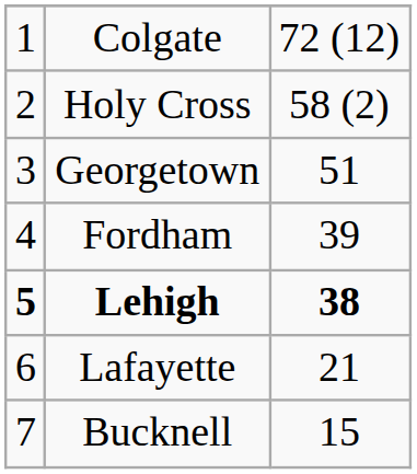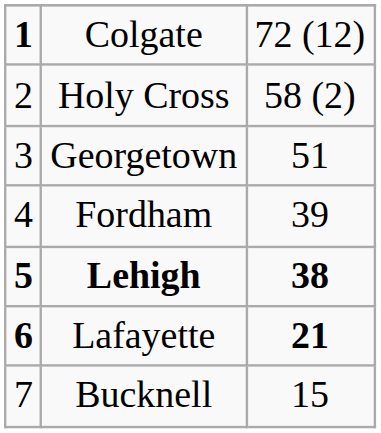 <table class="wikitable">
 <tr align="center">
 </tr>
 <tr align="center">
-<td>1</td>
+<td><strong>1</strong></td>
 <td>Colgate</td>
 <td>72 (12)</td>
 </tr>
 <tr align="center">
 <td>2</td>
 <td>Holy Cross</td>
 <td>58 (2)</td>
 </tr>
 <tr align="center">
 <td>3</td>
 <td>Georgetown</td>
 <td>51</td>
 </tr>
 <tr align="center">
 <td>4</td>
 <td>Fordham</td>
 <td>39</td>
 </tr>
 <tr align="center">
 <td><strong>5</strong></td>
 <td><strong>Lehigh</strong></td>
 <td><strong>38</strong></td>
 </tr>
 <tr align="center">
-<td>6</td>
+<td><strong>6</strong></td>
 <td>Lafayette</td>
-<td>21</td>
+<td><strong>21</strong></td>
 </tr>
 <tr align="center">
 <td>7</td>
 <td>Bucknell</td>
 <td>15</td>
 </tr>
 </table>
